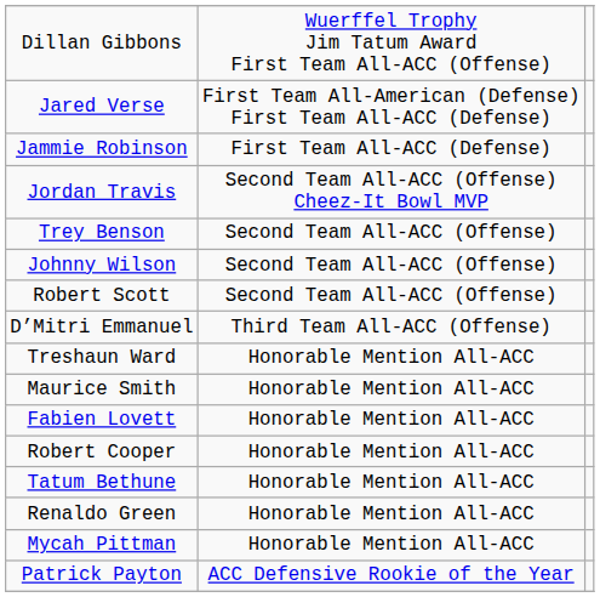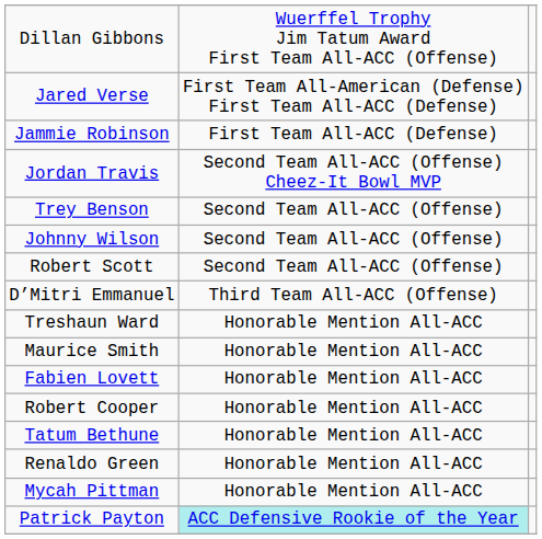 <table class="wikitable sortable sortable" style="text-align: center">
 <tr align=center>
 </tr>
 <tr>
 <td>Dillan Gibbons</td>
 <td><a href='#'>Wuerffel Trophy</a><br>Jim Tatum Award<br>First Team All-ACC (Offense)</td>
 <td></td>
 </tr>
 <tr>
 <td><a href='#'>Jared Verse</a></td>
 <td>First Team All-American (Defense)<br>First Team All-ACC (Defense)</td>
 <td></td>
 </tr>
 <tr>
 <td><a href='#'>Jammie Robinson</a></td>
 <td>First Team All-ACC (Defense)</td>
 <td></td>
 </tr>
 <tr>
 <td><a href='#'>Jordan Travis</a></td>
 <td>Second Team All-ACC (Offense)<br><a href='#'>Cheez-It Bowl MVP</a></td>
 <td></td>
 </tr>
 <tr>
 <td><a href='#'>Trey Benson</a></td>
 <td>Second Team All-ACC (Offense)</td>
 <td></td>
 </tr>
 <tr>
 <td><a href='#'>Johnny Wilson</a></td>
 <td>Second Team All-ACC (Offense)</td>
 <td></td>
 </tr>
 <tr>
 <td>Robert Scott</td>
 <td>Second Team All-ACC (Offense)</td>
 <td></td>
 </tr>
 <tr>
 <td>D’Mitri Emmanuel</td>
 <td>Third Team All-ACC (Offense)</td>
 <td></td>
 </tr>
 <tr>
 <td>Treshaun Ward</td>
 <td>Honorable Mention All-ACC</td>
 <td></td>
 </tr>
 <tr>
 <td>Maurice Smith</td>
 <td>Honorable Mention All-ACC</td>
 <td></td>
 </tr>
 <tr>
 <td><a href='#'>Fabien Lovett</a></td>
 <td>Honorable Mention All-ACC</td>
 <td></td>
 </tr>
 <tr>
 <td>Robert Cooper</td>
 <td>Honorable Mention All-ACC</td>
 <td></td>
 </tr>
 <tr>
 <td><a href='#'>Tatum Bethune</a></td>
 <td>Honorable Mention All-ACC</td>
 <td></td>
 </tr>
 <tr>
 <td>Renaldo Green</td>
 <td>Honorable Mention All-ACC</td>
 <td></td>
 </tr>
 <tr>
 <td><a href='#'>Mycah Pittman</a></td>
 <td>Honorable Mention All-ACC</td>
 <td></td>
 </tr>
 <tr>
 <td><a href='#'>Patrick Payton</a></td>
-<td><a href='#'>ACC Defensive Rookie of the Year</a></td>
+<td style="background: paleturquoise;"><a href='#'>ACC Defensive Rookie of the Year</a></td>
 <td></td>
 </tr>
 <tr>
 </tr>
 </table>
